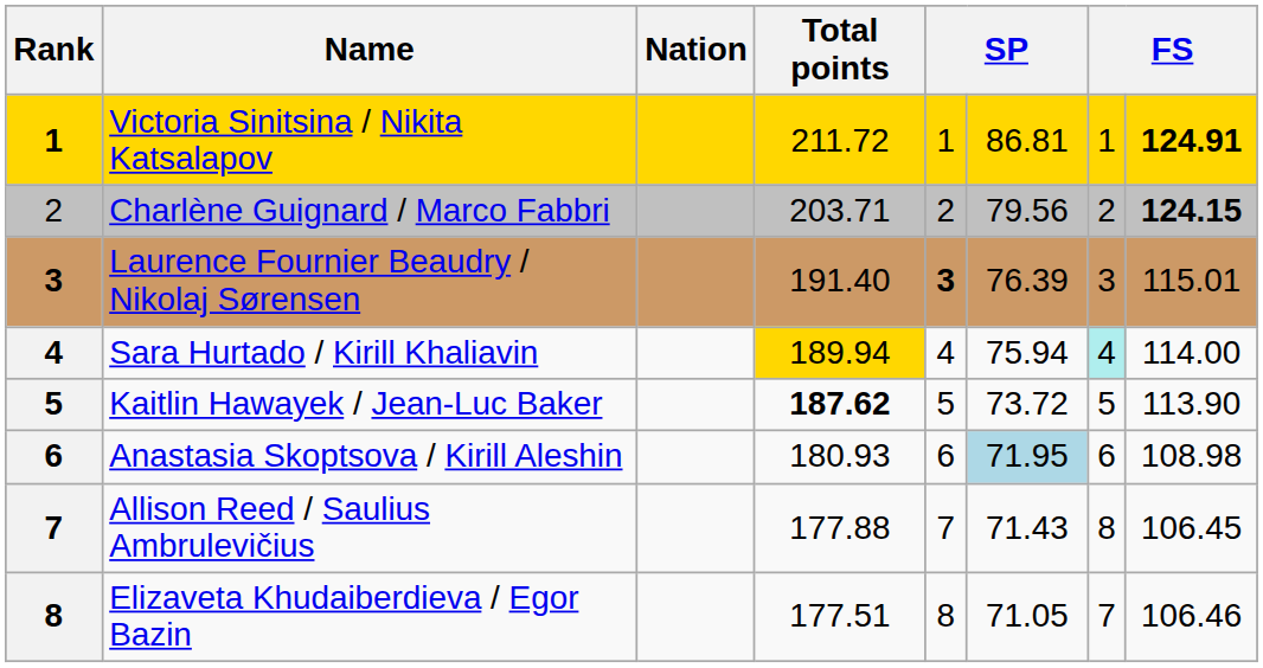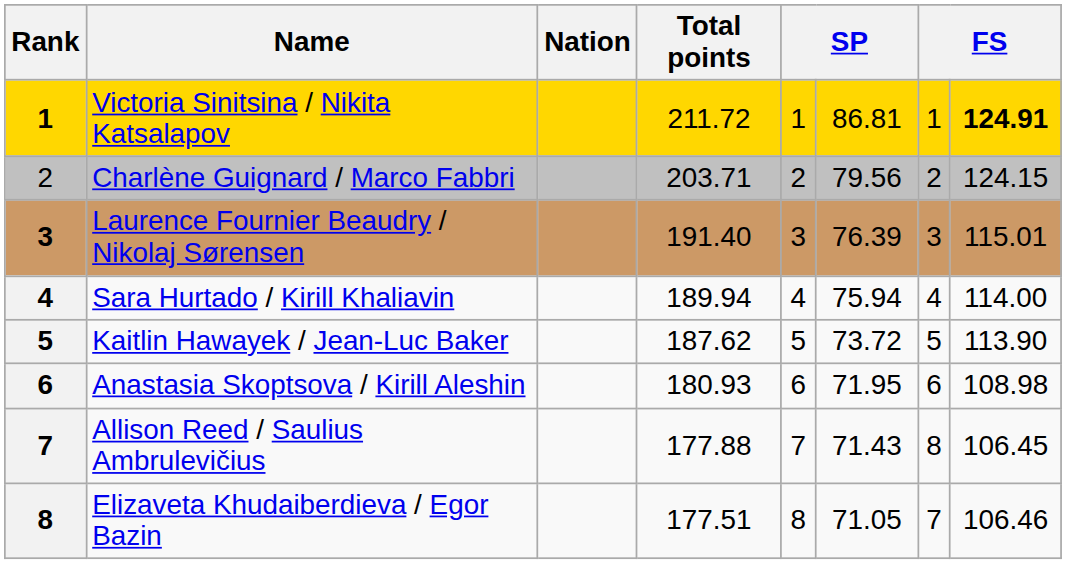 <table class="wikitable sortable">
 <tr>
 <th>Rank</th>
 <th>Name</th>
 <th>Nation</th>
 <th>Total points</th>
 <th colspan="2" width="80px"><a href='#'>SP</a></th>
 <th colspan="2" width="80px"><a href='#'>FS</a></th>
 </tr>
 <tr bgcolor="gold">
 <td align="center"><strong>1</strong></td>
 <td><a href='#'>Victoria Sinitsina</a> / <a href='#'>Nikita Katsalapov</a></td>
 <td></td>
 <td align="center">211.72</td>
 <td align="center">1</td>
 <td align="center">86.81</td>
 <td align="center">1</td>
 <td align="center"><strong>124.91</strong></td>
 </tr>
 <tr bgcolor="silver">
 <td align="center">2</td>
 <td><a href='#'>Charlène Guignard</a> / <a href='#'>Marco Fabbri</a></td>
 <td></td>
 <td align="center">203.71</td>
 <td align="center">2</td>
 <td align="center">79.56</td>
 <td align="center">2</td>
-<td align="center"><strong>124.15</strong></td>
+<td align="center">124.15</td>
 </tr>
 <tr bgcolor="cc9966">
 <td align="center"><strong>3</strong></td>
 <td><a href='#'>Laurence Fournier Beaudry</a> / <a href='#'>Nikolaj Sørensen</a></td>
 <td></td>
 <td align="center">191.40</td>
-<td align="center"><strong>3</strong></td>
+<td align="center">3</td>
 <td align="center">76.39</td>
 <td align="center">3</td>
 <td align="center">115.01</td>
 </tr>
 <tr>
 <th>4</th>
 <td><a href='#'>Sara Hurtado</a> / <a href='#'>Kirill Khaliavin</a></td>
 <td></td>
-<td align="center" style="background: gold;">189.94</td>
+<td align="center">189.94</td>
 <td align="center">4</td>
 <td align="center">75.94</td>
-<td align="center" style="background: paleturquoise;">4</td>
+<td align="center">4</td>
 <td align="center">114.00</td>
 </tr>
 <tr>
 <th>5</th>
 <td><a href='#'>Kaitlin Hawayek</a> / <a href='#'>Jean-Luc Baker</a></td>
 <td></td>
-<td align="center"><strong>187.62</strong></td>
+<td align="center">187.62</td>
 <td align="center">5</td>
 <td align="center">73.72</td>
 <td align="center">5</td>
 <td align="center">113.90</td>
 </tr>
 <tr>
 <th>6</th>
 <td><a href='#'>Anastasia Skoptsova</a> / <a href='#'>Kirill Aleshin</a></td>
 <td></td>
 <td align="center">180.93</td>
 <td align="center">6</td>
-<td align="center" style="background: lightblue;">71.95</td>
+<td align="center">71.95</td>
 <td align="center">6</td>
 <td align="center">108.98</td>
 </tr>
 <tr>
 <th>7</th>
 <td><a href='#'>Allison Reed</a> / <a href='#'>Saulius Ambrulevičius</a></td>
 <td></td>
 <td align="center">177.88</td>
 <td align="center">7</td>
 <td align="center">71.43</td>
 <td align="center">8</td>
 <td align="center">106.45</td>
 </tr>
 <tr>
 <th>8</th>
 <td><a href='#'>Elizaveta Khudaiberdieva</a> / <a href='#'>Egor Bazin</a></td>
 <td></td>
 <td align="center">177.51</td>
 <td align="center">8</td>
 <td align="center">71.05</td>
 <td align="center">7</td>
 <td align="center">106.46</td>
 </tr>
 </table>
